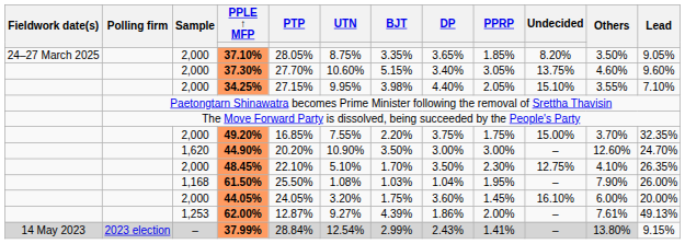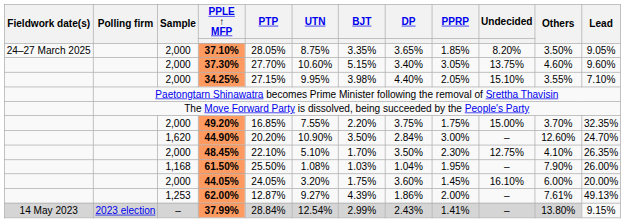 <table class="wikitable collapsible sortable" style="text-align:center;font-size:90%;line-height:14px">
 <tr>
 <th rowspan="2">Fieldwork date(s)</th>
 <th rowspan="2">Polling firm</th>
 <th rowspan="2">Sample</th>
 <th style="width:60px"><a href='#'>PPLE</a><br>↑<br><a href='#'>MFP</a></th>
 <th style="width:60px"><a href='#'>PTP</a></th>
 <th style="width:60px"><a href='#'>UTN</a></th>
 <th style="width:60px"><a href='#'>BJT</a></th>
 <th style="width:60px"><a href='#'>DP</a></th>
 <th style="width:60px"><a href='#'>PPRP</a></th>
 <th>Undecided</th>
 <th class="unsortable" rowspan="2" style="width:60px;">Others</th>
 <th rowspan="2" class="unsortable">Lead</th>
 </tr>
 <tr>
 <th class="unsortable" style="color:inherit;background:"></th>
 <th class="unsortable" style="color:inherit;background:"></th>
 <th class="unsortable" style="color:inherit;background:"></th>
 <th class="unsortable" style="color:inherit;background:"></th>
 <th class="unsortable" style="color:inherit;background:"></th>
 <th class="unsortable" style="color:inherit;background:"></th>
 <th class="unsortable" style="color:inherit;background:"></th>
 </tr>
 <tr>
 <td>24–27 March 2025</td>
 <td></td>
 <td>2,000</td>
 <td style="background:#ff9b61"><strong>37.10%</strong></td>
 <td>28.05%</td>
 <td>8.75%</td>
 <td>3.35%</td>
 <td>3.65%</td>
 <td>1.85%</td>
 <td>8.20%</td>
 <td>3.50%</td>
 <td style="background:">9.05%</td>
 </tr>
 <tr>
 <td></td>
 <td></td>
 <td>2,000</td>
 <td style="background:#ff9b61"><strong>37.30%</strong></td>
 <td>27.70%</td>
 <td>10.60%</td>
 <td>5.15%</td>
 <td>3.40%</td>
 <td>3.05%</td>
 <td>13.75%</td>
 <td>4.60%</td>
 <td style="background:">9.60%</td>
 </tr>
 <tr>
 <td></td>
 <td></td>
 <td>2,000</td>
 <td style="background:#ff9b61"><strong>34.25%</strong></td>
 <td>27.15%</td>
 <td>9.95%</td>
 <td>3.98%</td>
 <td>4.40%</td>
 <td>2.05%</td>
 <td>15.10%</td>
 <td>3.55%</td>
 <td style="background:">7.10%</td>
 </tr>
 <tr>
 <td></td>
 <td colspan="11"><a href='#'>Paetongtarn Shinawatra</a> becomes Prime Minister following the removal of <a href='#'>Srettha Thavisin</a></td>
 </tr>
 <tr>
 <td></td>
 <td colspan="11">The <a href='#'>Move Forward Party</a> is dissolved, being succeeded by the <a href='#'>People's Party</a></td>
 </tr>
 <tr>
 <td></td>
 <td></td>
 <td>2,000</td>
 <td style="background:#ff9b61"><strong>49.20%</strong></td>
 <td>16.85%</td>
 <td>7.55%</td>
 <td>2.20%</td>
 <td>3.75%</td>
 <td>1.75%</td>
 <td>15.00%</td>
 <td>3.70%</td>
 <td style="background:">32.35%</td>
 </tr>
 <tr>
 <td></td>
 <td></td>
 <td>1,620</td>
 <td style="background:#ff9b61"><strong>44.90%</strong></td>
 <td>20.20%</td>
 <td>10.90%</td>
 <td>3.50%</td>
-<td>3.00%</td>
+<td>2.84%</td>
 <td>3.00%</td>
 <td>–</td>
 <td>12.60%</td>
 <td style="background:">24.70%</td>
 </tr>
 <tr>
 <td></td>
 <td></td>
 <td>2,000</td>
 <td style="background:#ff9b61"><strong>48.45%</strong></td>
 <td>22.10%</td>
 <td>5.10%</td>
 <td>1.70%</td>
 <td>3.50%</td>
 <td>2.30%</td>
 <td>12.75%</td>
 <td>4.10%</td>
 <td style="background:">26.35%</td>
 </tr>
 <tr>
 <td></td>
 <td></td>
 <td>1,168</td>
 <td style="background:#ff9b61"><strong>61.50%</strong></td>
 <td>25.50%</td>
 <td>1.08%</td>
 <td>1.03%</td>
 <td>1.04%</td>
 <td>1.95%</td>
 <td>–</td>
 <td>7.90%</td>
 <td style="background:">26.00%</td>
 </tr>
 <tr>
 <td></td>
 <td></td>
 <td>2,000</td>
 <td style="background:#ff9b61"><strong>44.05%</strong></td>
 <td>24.05%</td>
 <td>3.20%</td>
 <td>1.75%</td>
 <td>3.60%</td>
 <td>1.45%</td>
 <td>16.10%</td>
 <td>6.00%</td>
 <td style="background:">20.00%</td>
 </tr>
 <tr>
 <td></td>
 <td></td>
 <td>1,253</td>
 <td style="background:#ff9b61"><strong>62.00%</strong></td>
 <td>12.87%</td>
 <td>9.27%</td>
 <td>4.39%</td>
 <td>1.86%</td>
 <td>2.00%</td>
 <td>–</td>
 <td>7.61%</td>
 <td style="background:">49.13%</td>
 </tr>
 <tr>
 <td style="background:#D5D5D5">14 May 2023</td>
 <td style="background:#D5D5D5"><a href='#'>2023 election</a></td>
 <td style="background:#D5D5D5">–</td>
 <td style="background:#ff9b61"><strong>37.99%</strong></td>
 <td style="background:#D5D5D5">28.84%</td>
 <td style="background:#D5D5D5">12.54%</td>
 <td style="background:#D5D5D5">2.99%</td>
 <td style="background:#D5D5D5">2.43%</td>
 <td style="background:#D5D5D5">1.41%</td>
 <td style="background:#D5D5D5">–</td>
 <td style="background:#D5D5D5">13.80%</td>
 <td style="background:">9.15%</td>
 </tr>
 </table>
